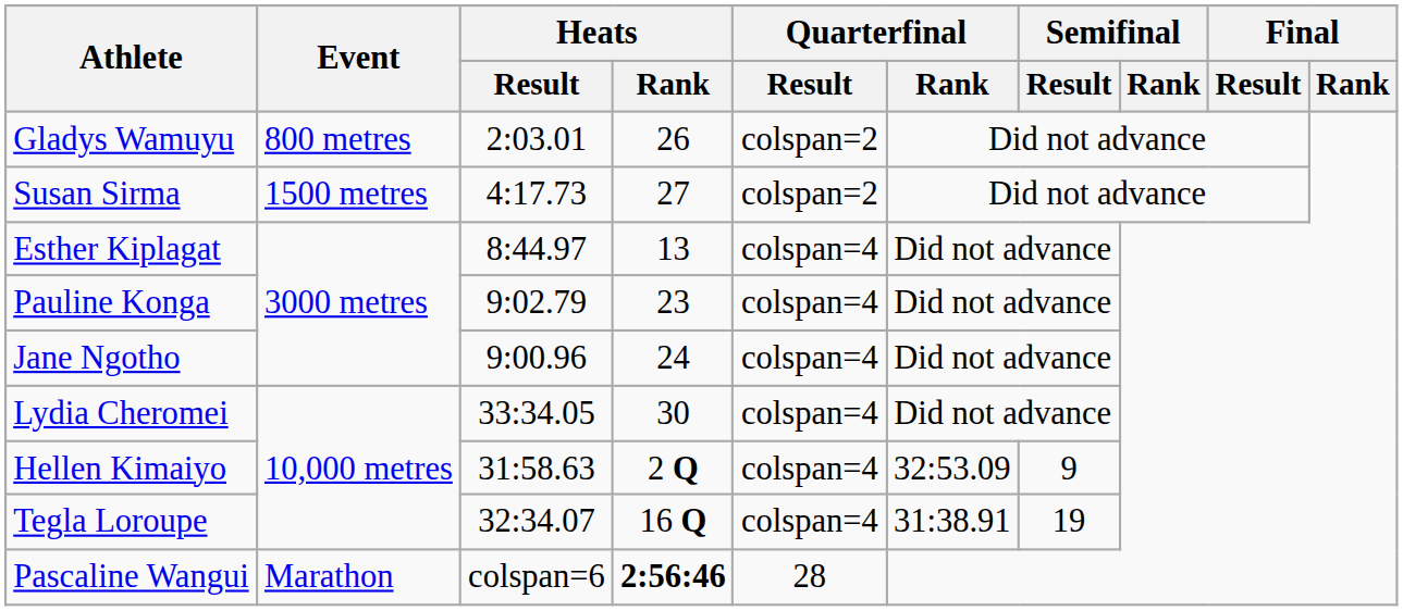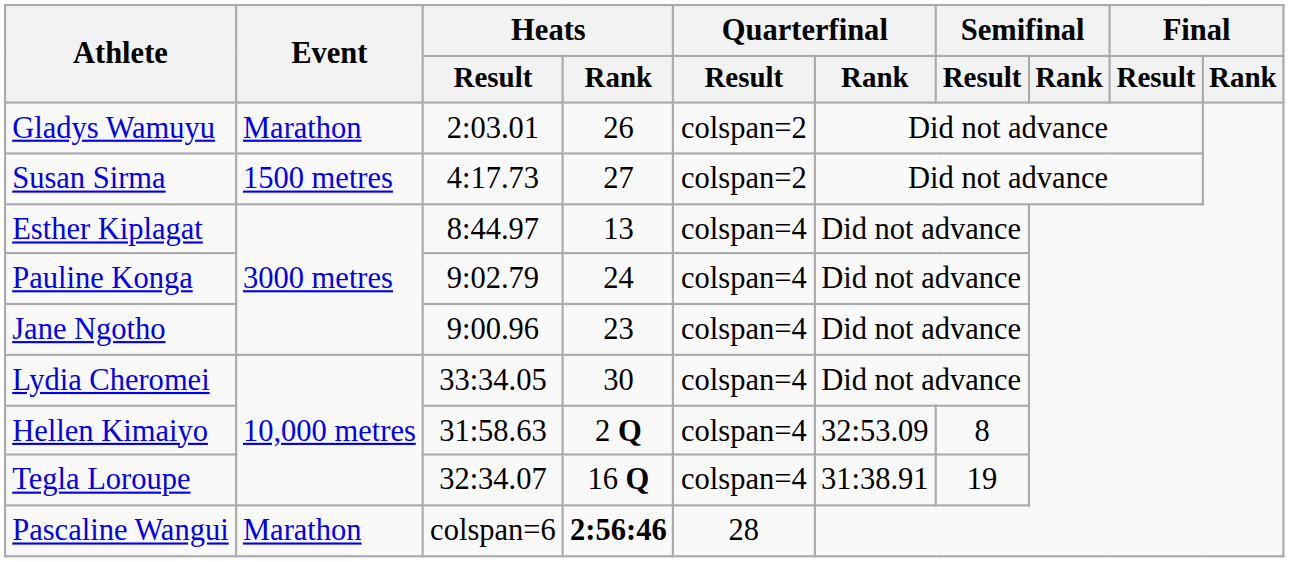 <table class="wikitable" style="font-size:90%">
 <tr>
 <th rowspan="2">Athlete</th>
 <th rowspan="2">Event</th>
 <th colspan="2">Heats</th>
 <th colspan="2">Quarterfinal</th>
 <th colspan="2">Semifinal</th>
 <th colspan="2">Final</th>
 </tr>
 <tr style="font-size:95%">
 <th>Result</th>
 <th>Rank</th>
 <th>Result</th>
 <th>Rank</th>
 <th>Result</th>
 <th>Rank</th>
 <th>Result</th>
 <th>Rank</th>
 </tr>
 <tr align=center>
 <td align=left><a href='#'>Gladys Wamuyu</a></td>
-<td align=left><a href='#'>800 metres</a></td>
+<td align=left><a href='#'>Marathon</a></td>
 <td>2:03.01</td>
 <td>26</td>
 <td>colspan=2</td>
 <td colspan=4>Did not advance</td>
 </tr>
 <tr align=center>
 <td align=left><a href='#'>Susan Sirma</a></td>
 <td align=left><a href='#'>1500 metres</a></td>
 <td>4:17.73</td>
 <td>27</td>
 <td>colspan=2</td>
 <td colspan=4>Did not advance</td>
 </tr>
 <tr align=center>
 <td align=left><a href='#'>Esther Kiplagat</a></td>
 <td align=left rowspan=3><a href='#'>3000 metres</a></td>
 <td>8:44.97</td>
 <td>13</td>
 <td>colspan=4</td>
 <td colspan=2>Did not advance</td>
 </tr>
 <tr align=center>
 <td align=left><a href='#'>Pauline Konga</a></td>
 <td>9:02.79</td>
-<td>23</td>
+<td>24</td>
 <td>colspan=4</td>
 <td colspan=2>Did not advance</td>
 </tr>
 <tr align=center>
 <td align=left><a href='#'>Jane Ngotho</a></td>
 <td>9:00.96</td>
-<td>24</td>
+<td>23</td>
 <td>colspan=4</td>
 <td colspan=2>Did not advance</td>
 </tr>
 <tr align=center>
 <td align=left><a href='#'>Lydia Cheromei</a></td>
 <td align=left rowspan=3><a href='#'>10,000 metres</a></td>
 <td>33:34.05</td>
 <td>30</td>
 <td>colspan=4</td>
 <td colspan=2>Did not advance</td>
 </tr>
 <tr align=center>
 <td align=left><a href='#'>Hellen Kimaiyo</a></td>
 <td>31:58.63</td>
 <td>2 <strong>Q</strong></td>
 <td>colspan=4</td>
 <td>32:53.09</td>
-<td>9</td>
+<td>8</td>
 </tr>
 <tr align=center>
 <td align=left><a href='#'>Tegla Loroupe</a></td>
 <td>32:34.07</td>
 <td>16 <strong>Q</strong></td>
 <td>colspan=4</td>
 <td>31:38.91</td>
 <td>19</td>
 </tr>
 <tr align=center>
 <td align=left><a href='#'>Pascaline Wangui</a></td>
 <td align=left><a href='#'>Marathon</a></td>
 <td>colspan=6</td>
 <td><strong>2:56:46</strong></td>
 <td>28</td>
 </tr>
 </table>
